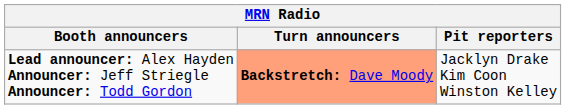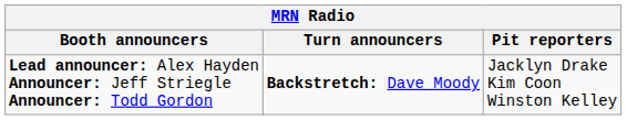 <table class="wikitable" style="font-size: 95%;">
 <tr>
 <th colspan="3"><a href='#'>MRN</a> Radio</th>
 </tr>
 <tr>
 <th>Booth announcers</th>
 <th>Turn announcers</th>
 <th>Pit reporters</th>
 </tr>
 <tr>
 <td><strong>Lead announcer:</strong> Alex Hayden<br><strong>Announcer:</strong> Jeff Striegle<br><strong>Announcer:</strong> <a href='#'>Todd Gordon</a></td>
-<td style="background: lightsalmon;"><strong>Backstretch:</strong> <a href='#'>Dave Moody</a></td>
+<td><strong>Backstretch:</strong> <a href='#'>Dave Moody</a></td>
 <td>Jacklyn Drake<br>Kim Coon<br>Winston Kelley</td>
 </tr>
 </table>
